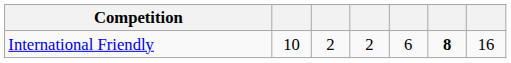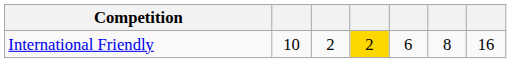 <table class="wikitable" style="text-align: center;">
 <tr>
 <th width=250>Competition</th>
 <th width=30></th>
 <th width=30></th>
 <th width=30></th>
 <th width=30></th>
 <th width=30></th>
 <th width=30></th>
 </tr>
 <tr>
 <td style="text-align:left;"><a href='#'>International Friendly</a></td>
 <td>10</td>
 <td>2</td>
-<td>2</td>
+<td style="background: gold;">2</td>
 <td>6</td>
-<td><strong>8</strong></td>
+<td>8</td>
 <td>16</td>
 </tr>
 </table>
